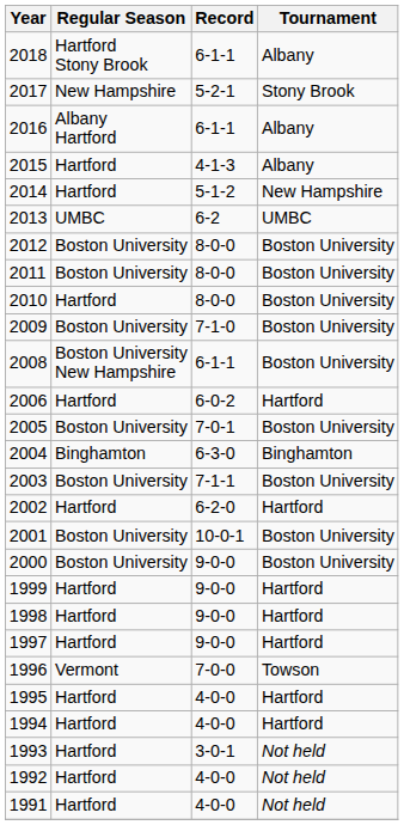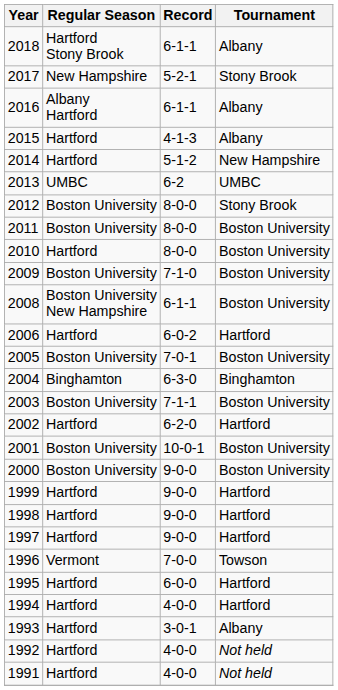 <table class="wikitable sortable">
 <tr>
 <th>Year</th>
 <th>Regular Season</th>
 <th>Record</th>
 <th>Tournament</th>
 </tr>
 <tr>
 <td>2018</td>
 <td>Hartford<br>Stony Brook</td>
 <td>6-1-1</td>
 <td>Albany</td>
 </tr>
 <tr>
 <td>2017</td>
 <td>New Hampshire</td>
 <td>5-2-1</td>
 <td>Stony Brook</td>
 </tr>
 <tr>
 <td>2016</td>
 <td>Albany<br>Hartford</td>
 <td>6-1-1</td>
 <td>Albany</td>
 </tr>
 <tr>
 <td>2015</td>
 <td>Hartford</td>
 <td>4-1-3</td>
 <td>Albany</td>
 </tr>
 <tr>
 <td>2014</td>
 <td>Hartford</td>
 <td>5-1-2</td>
 <td>New Hampshire</td>
 </tr>
 <tr>
 <td>2013</td>
 <td>UMBC</td>
 <td>6-2</td>
 <td>UMBC</td>
 </tr>
 <tr>
 <td>2012</td>
 <td>Boston University</td>
 <td>8-0-0</td>
-<td>Boston University</td>
+<td>Stony Brook</td>
 </tr>
 <tr>
 <td>2011</td>
 <td>Boston University</td>
 <td>8-0-0</td>
 <td>Boston University</td>
 </tr>
 <tr>
 <td>2010</td>
 <td>Hartford</td>
 <td>8-0-0</td>
 <td>Boston University</td>
 </tr>
 <tr>
 <td>2009</td>
 <td>Boston University</td>
 <td>7-1-0</td>
 <td>Boston University</td>
 </tr>
 <tr>
 <td>2008</td>
 <td>Boston University<br>New Hampshire</td>
 <td>6-1-1</td>
 <td>Boston University</td>
 </tr>
 <tr>
 <td>2006</td>
 <td>Hartford</td>
 <td>6-0-2</td>
 <td>Hartford</td>
 </tr>
 <tr>
 <td>2005</td>
 <td>Boston University</td>
 <td>7-0-1</td>
 <td>Boston University</td>
 </tr>
 <tr>
 <td>2004</td>
 <td>Binghamton</td>
 <td>6-3-0</td>
 <td>Binghamton</td>
 </tr>
 <tr>
 <td>2003</td>
 <td>Boston University</td>
 <td>7-1-1</td>
 <td>Boston University</td>
 </tr>
 <tr>
 <td>2002</td>
 <td>Hartford</td>
 <td>6-2-0</td>
 <td>Hartford</td>
 </tr>
 <tr>
 <td>2001</td>
 <td>Boston University</td>
 <td>10-0-1</td>
 <td>Boston University</td>
 </tr>
 <tr>
 <td>2000</td>
 <td>Boston University</td>
 <td>9-0-0</td>
 <td>Boston University</td>
 </tr>
 <tr>
 <td>1999</td>
 <td>Hartford</td>
 <td>9-0-0</td>
 <td>Hartford</td>
 </tr>
 <tr>
 <td>1998</td>
 <td>Hartford</td>
 <td>9-0-0</td>
 <td>Hartford</td>
 </tr>
 <tr>
 <td>1997</td>
 <td>Hartford</td>
 <td>9-0-0</td>
 <td>Hartford</td>
 </tr>
 <tr>
 <td>1996</td>
 <td>Vermont</td>
 <td>7-0-0</td>
 <td>Towson</td>
 </tr>
 <tr>
 <td>1995</td>
 <td>Hartford</td>
-<td>4-0-0</td>
+<td>6-0-0</td>
 <td>Hartford</td>
 </tr>
 <tr>
 <td>1994</td>
 <td>Hartford</td>
 <td>4-0-0</td>
 <td>Hartford</td>
 </tr>
 <tr>
 <td>1993</td>
 <td>Hartford</td>
 <td>3-0-1</td>
-<td><em>Not held</em></td>
+<td>Albany</td>
 </tr>
 <tr>
 <td>1992</td>
 <td>Hartford</td>
 <td>4-0-0</td>
 <td><em>Not held</em></td>
 </tr>
 <tr>
 <td>1991</td>
 <td>Hartford</td>
 <td>4-0-0</td>
 <td><em>Not held</em></td>
 </tr>
 <tr>
 </tr>
 </table>
